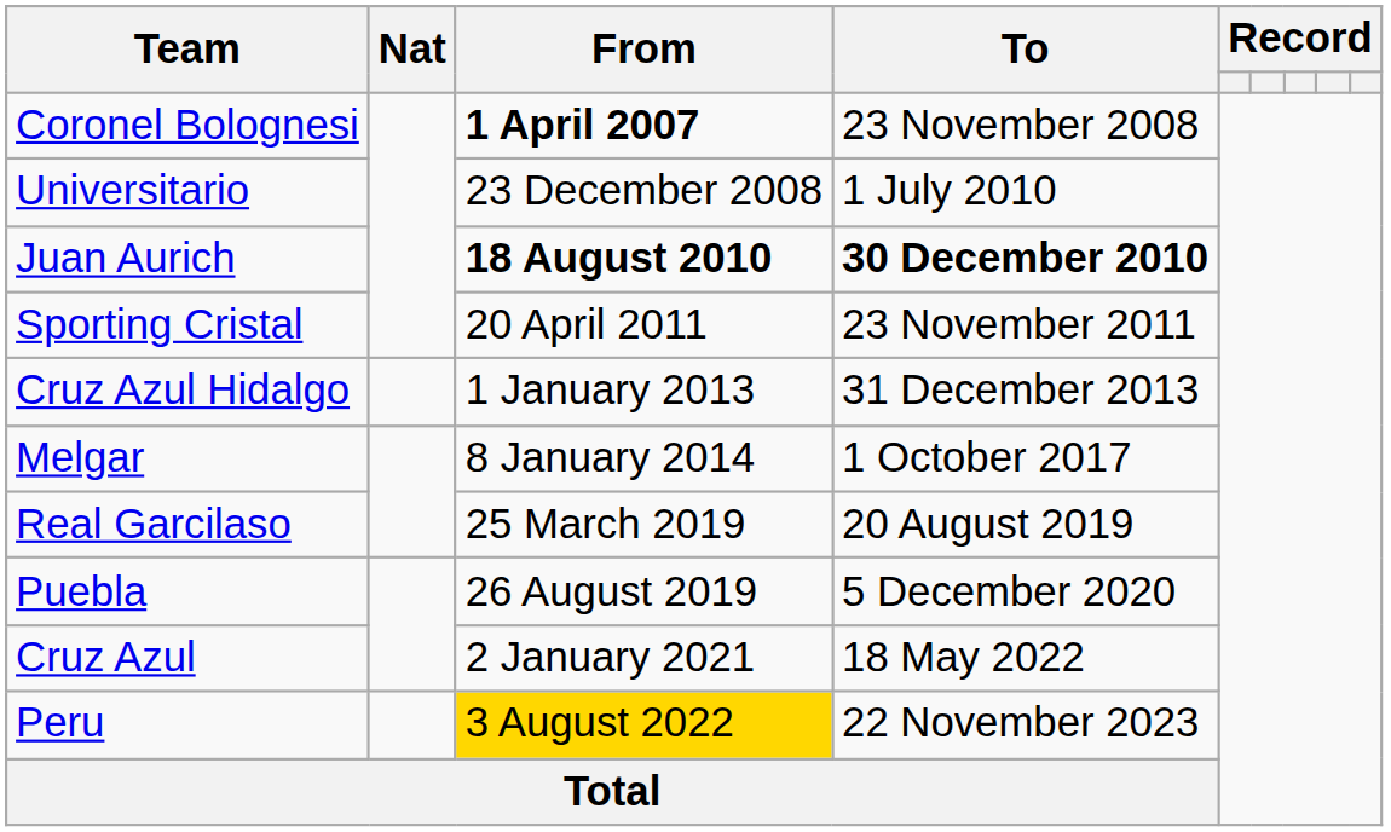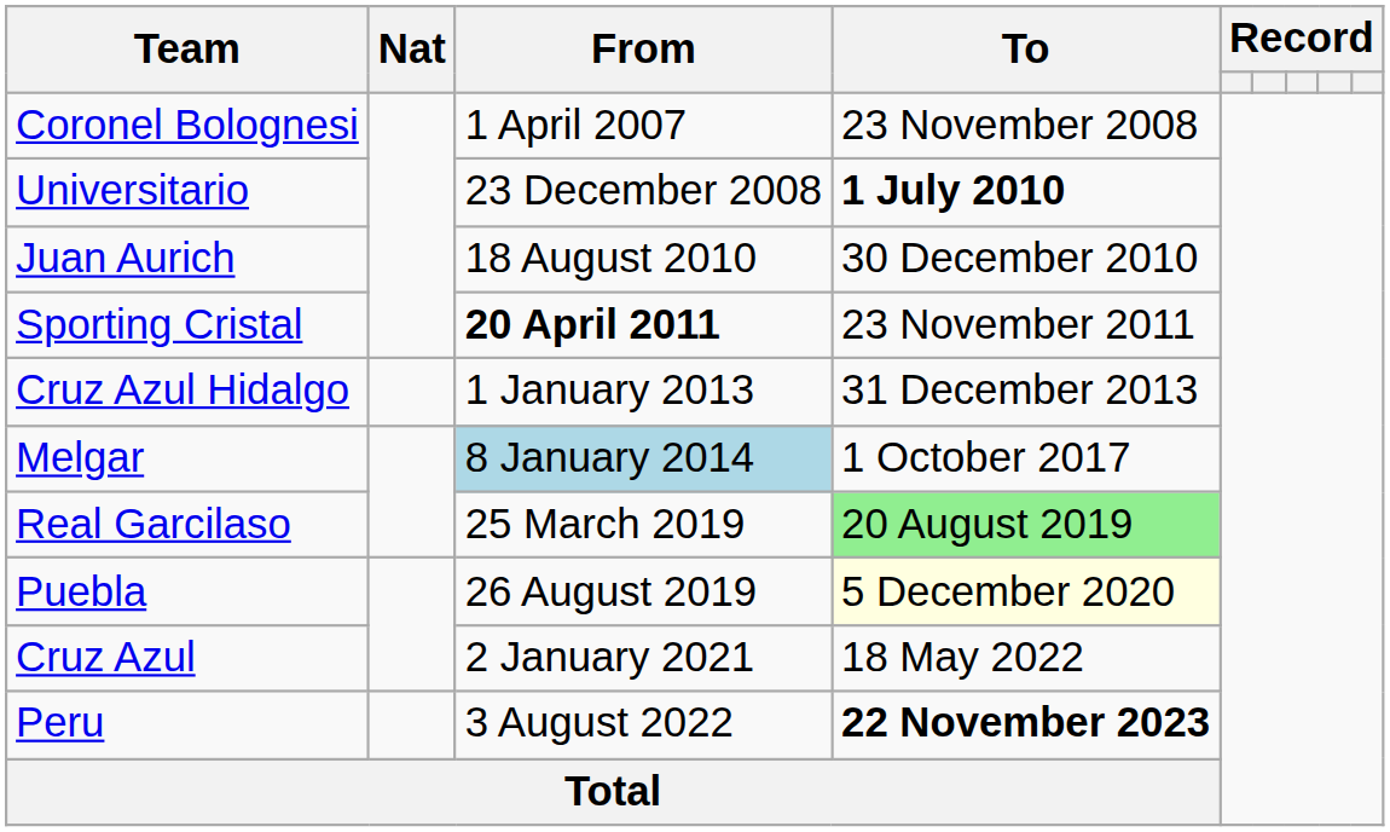 <table class="wikitable" style="text-align: center">
 <tr>
 <th rowspan=2>Team</th>
 <th rowspan="2">Nat</th>
 <th rowspan=2>From</th>
 <th rowspan=2>To</th>
 <th colspan=5>Record</th>
 </tr>
 <tr>
 <th></th>
 <th></th>
 <th></th>
 <th></th>
 <th></th>
 </tr>
 <tr>
 <td align=left><a href='#'>Coronel Bolognesi</a></td>
 <td rowspan=4></td>
-<td align=left><strong>1 April 2007</strong></td>
+<td align=left>1 April 2007</td>
 <td align=left>23 November 2008<br></td>
 </tr>
 <tr>
 <td align=left><a href='#'>Universitario</a></td>
 <td align=left>23 December 2008</td>
-<td align=left>1 July 2010<br></td>
+<td align=left><strong>1 July 2010<br></strong></td>
 </tr>
 <tr>
 <td align=left><a href='#'>Juan Aurich</a></td>
-<td align=left><strong>18 August 2010</strong></td>
-<td align=left><strong>30 December 2010<br></strong></td>
+<td align=left>18 August 2010</td>
+<td align=left>30 December 2010<br></td>
 </tr>
 <tr>
 <td align=left><a href='#'>Sporting Cristal</a></td>
-<td align=left>20 April 2011</td>
+<td align=left><strong>20 April 2011</strong></td>
 <td align=left>23 November 2011<br></td>
 </tr>
 <tr>
 <td align=left><a href='#'>Cruz Azul Hidalgo</a></td>
 <td></td>
 <td align=left>1 January 2013</td>
 <td align=left>31 December 2013<br></td>
 </tr>
 <tr>
 <td align=left><a href='#'>Melgar</a></td>
 <td rowspan=2></td>
-<td align=left>8 January 2014</td>
+<td align=left style="background: lightblue;">8 January 2014</td>
 <td align=left>1 October 2017<br></td>
 </tr>
 <tr>
 <td align=left><a href='#'>Real Garcilaso</a></td>
 <td align=left>25 March 2019</td>
-<td align=left>20 August 2019<br></td>
+<td align=left style="background: lightgreen;">20 August 2019<br></td>
 </tr>
 <tr>
 <td align=left><a href='#'>Puebla</a></td>
 <td rowspan=2></td>
 <td align=left>26 August 2019</td>
-<td align=left>5 December 2020<br></td>
+<td align=left style="background: lightyellow;">5 December 2020<br></td>
 </tr>
 <tr>
 <td align=left><a href='#'>Cruz Azul</a></td>
 <td align=left>2 January 2021</td>
 <td align=left>18 May 2022<br></td>
 </tr>
 <tr>
 <td align=left><a href='#'>Peru</a></td>
 <td></td>
-<td align=left style="background: gold;">3 August 2022</td>
-<td align=left>22 November 2023<br></td>
+<td align=left>3 August 2022</td>
+<td align=left><strong>22 November 2023<br></strong></td>
 </tr>
 <tr>
 <th colspan="4">Total<br></th>
 </tr>
 </table>
